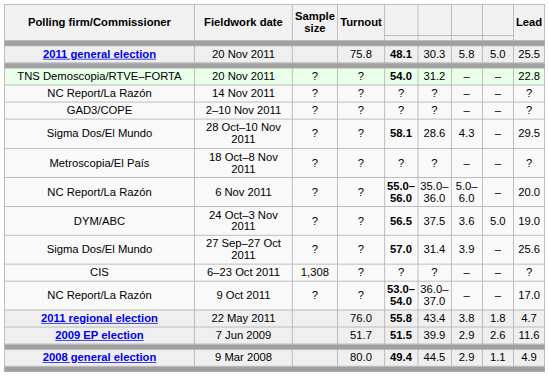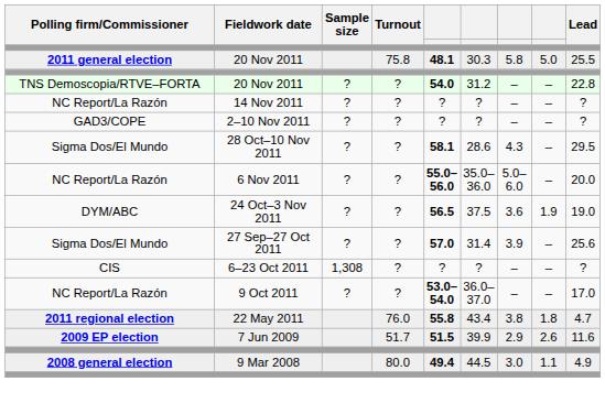 <table class="wikitable collapsible collapsed" style="text-align:center; font-size:95%; line-height:16px;">
 <tr style="height:42px;">
 <th style="width:250px;" rowspan="2">Polling firm/Commissioner</th>
 <th style="width:125px;" rowspan="2">Fieldwork date</th>
 <th style="width:50px;" rowspan="2">Sample size</th>
 <th style="width:45px;" rowspan="2">Turnout</th>
 <th style="width:35px;"></th>
 <th style="width:35px;"></th>
 <th style="width:35px;"></th>
 <th style="width:35px;"></th>
 <th style="width:30px;" rowspan="2">Lead</th>
 </tr>
 <tr>
 <th style="color:inherit;background:"></th>
 <th style="color:inherit;background:"></th>
 <th style="color:inherit;background:"></th>
 <th style="color:inherit;background:"></th>
 </tr>
 <tr>
 <td colspan="9" style="background:#A0A0A0"></td>
 </tr>
 <tr style="background:#EFEFEF;">
 <td><strong><a href='#'>2011 general election</a></strong></td>
 <td>20 Nov 2011</td>
 <td></td>
 <td>75.8</td>
 <td><strong>48.1</strong><br></td>
 <td>30.3<br></td>
 <td>5.8<br></td>
 <td>5.0<br></td>
 <td style="background:">25.5</td>
 </tr>
 <tr>
 <td colspan="9" style="background:#A0A0A0"></td>
 </tr>
 <tr style="background:#EAFFEA;">
 <td>TNS Demoscopia/RTVE–FORTA</td>
 <td>20 Nov 2011</td>
 <td>?</td>
 <td>?</td>
 <td><strong>54.0</strong><br></td>
 <td>31.2<br></td>
 <td>–</td>
 <td>–</td>
 <td style="background:">22.8</td>
 </tr>
 <tr>
 <td>NC Report/La Razón</td>
 <td>14 Nov 2011</td>
 <td>?</td>
 <td>?</td>
 <td>?<br></td>
 <td>?<br></td>
 <td>–</td>
 <td>–</td>
 <td style="background:">?</td>
 </tr>
 <tr>
 <td>GAD3/COPE</td>
 <td>2–10 Nov 2011</td>
 <td>?</td>
 <td>?</td>
 <td>?<br></td>
 <td>?<br></td>
 <td>–</td>
 <td>–</td>
 <td style="background:">?</td>
 </tr>
 <tr>
 <td>Sigma Dos/El Mundo</td>
 <td>28 Oct–10 Nov 2011</td>
 <td>?</td>
 <td>?</td>
 <td><strong>58.1</strong><br></td>
 <td>28.6<br></td>
 <td>4.3<br></td>
 <td>–</td>
 <td style="background:">29.5</td>
 </tr>
 <tr>
-<td>Metroscopia/El País</td>
-<td>18 Oct–8 Nov 2011</td>
-<td>?</td>
-<td>?</td>
-<td>?<br></td>
-<td>?<br></td>
-<td>–</td>
-<td>–</td>
-<td style="background:">?</td>
-</tr>
-<tr>
 <td>NC Report/La Razón</td>
 <td>6 Nov 2011</td>
 <td>?</td>
 <td>?</td>
 <td><strong>55.0–<br>56.0</strong><br></td>
 <td>35.0–<br>36.0<br></td>
 <td>5.0–<br>6.0<br></td>
 <td>–</td>
 <td style="background:">20.0</td>
 </tr>
 <tr>
 <td>DYM/ABC</td>
 <td>24 Oct–3 Nov 2011</td>
 <td>?</td>
 <td>?</td>
 <td><strong>56.5</strong><br></td>
 <td>37.5<br></td>
 <td>3.6<br></td>
-<td>5.0<br></td>
+<td>1.9<br></td>
 <td style="background:">19.0</td>
 </tr>
 <tr>
 <td>Sigma Dos/El Mundo</td>
 <td>27 Sep–27 Oct 2011</td>
 <td>?</td>
 <td>?</td>
 <td><strong>57.0</strong><br></td>
 <td>31.4<br></td>
 <td>3.9<br></td>
 <td>–</td>
 <td style="background:">25.6</td>
 </tr>
 <tr>
 <td>CIS</td>
 <td>6–23 Oct 2011</td>
 <td>1,308</td>
 <td>?</td>
 <td>?<br></td>
 <td>?<br></td>
 <td>–</td>
 <td>–</td>
 <td style="background:">?</td>
 </tr>
 <tr>
 <td>NC Report/La Razón</td>
 <td>9 Oct 2011</td>
 <td>?</td>
 <td>?</td>
 <td><strong>53.0–<br>54.0</strong><br></td>
 <td>36.0–<br>37.0<br></td>
 <td>–</td>
 <td>–</td>
 <td style="background:">17.0</td>
 </tr>
 <tr style="background:#EFEFEF;">
 <td><strong><a href='#'>2011 regional election</a></strong></td>
 <td>22 May 2011</td>
 <td></td>
 <td>76.0</td>
 <td><strong>55.8</strong><br></td>
 <td>43.4<br></td>
 <td>3.8<br></td>
 <td>1.8<br></td>
 <td style="background:">4.7</td>
 </tr>
 <tr style="background:#EFEFEF;">
 <td><strong><a href='#'>2009 EP election</a></strong></td>
 <td>7 Jun 2009</td>
 <td></td>
 <td>51.7</td>
 <td><strong>51.5</strong><br></td>
 <td>39.9<br></td>
 <td>2.9<br></td>
 <td>2.6<br></td>
 <td style="background:">11.6</td>
 </tr>
 <tr>
 <td colspan="9" style="background:#A0A0A0"></td>
 </tr>
 <tr style="background:#EFEFEF;">
 <td><strong><a href='#'>2008 general election</a></strong></td>
 <td>9 Mar 2008</td>
 <td></td>
 <td>80.0</td>
 <td><strong>49.4</strong><br></td>
 <td>44.5<br></td>
-<td>2.9<br></td>
+<td>3.0<br></td>
 <td>1.1<br></td>
 <td style="background:">4.9</td>
 </tr>
 <tr>
 <td colspan="9" style="background:#A0A0A0"></td>
 </tr>
 </table>
